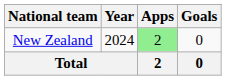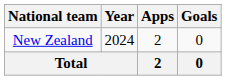 <table class="wikitable" style="text-align: center;">
 <tr>
 <th>National team</th>
 <th>Year</th>
 <th>Apps</th>
 <th>Goals</th>
 </tr>
 <tr>
 <td rowspan="1" valign="center"><a href='#'>New Zealand</a></td>
 <td>2024</td>
-<td style="background: lightgreen;">2</td>
+<td>2</td>
 <td>0</td>
 </tr>
 <tr>
 <th colspan="2">Total</th>
 <th>2</th>
 <th>0</th>
 </tr>
 </table>
